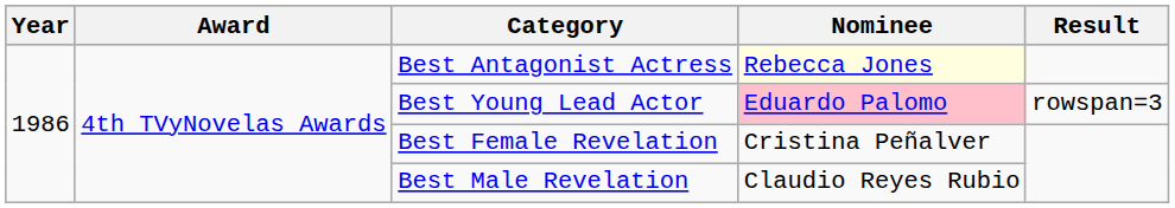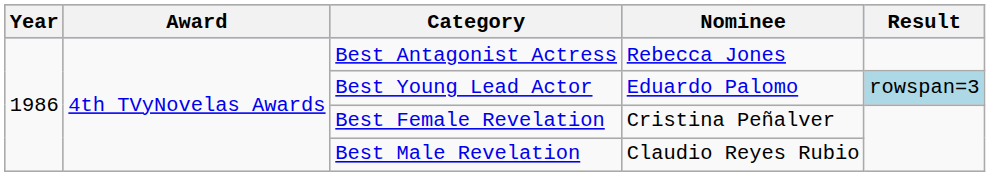 <table class="wikitable">
 <tr style="background:#b0c4de;">
 <th>Year</th>
 <th>Award</th>
 <th>Category</th>
 <th>Nominee</th>
 <th>Result</th>
 </tr>
 <tr>
 <td rowspan=4>1986</td>
 <td rowspan=4><a href='#'>4th TVyNovelas Awards</a></td>
 <td><a href='#'>Best Antagonist Actress</a></td>
-<td style="background: lightyellow;"><a href='#'>Rebecca Jones</a></td>
+<td><a href='#'>Rebecca Jones</a></td>
 <td></td>
 </tr>
 <tr>
 <td><a href='#'>Best Young Lead Actor</a></td>
-<td style="background: pink;"><a href='#'>Eduardo Palomo</a></td>
-<td>rowspan=3 </td>
+<td><a href='#'>Eduardo Palomo</a></td>
+<td style="background: lightblue;">rowspan=3 </td>
 </tr>
 <tr>
 <td><a href='#'>Best Female Revelation</a></td>
 <td>Cristina Peñalver</td>
 </tr>
 <tr>
 <td><a href='#'>Best Male Revelation</a></td>
 <td>Claudio Reyes Rubio</td>
 </tr>
 </table>
